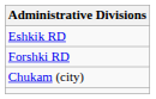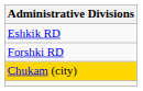 <table class="wikitable">
 <tr>
 <th>Administrative Divisions</th>
 </tr>
 <tr>
 <td><a href='#'>Eshkik RD</a></td>
 </tr>
 <tr>
 <td><a href='#'>Forshki RD</a></td>
 </tr>
 <tr>
-<td><a href='#'>Chukam</a> (city)</td>
+<td style="background: gold;"><a href='#'>Chukam</a> (city)</td>
 </tr>
 <tr>
 <td colspan=1></td>
 </tr>
 </table>
